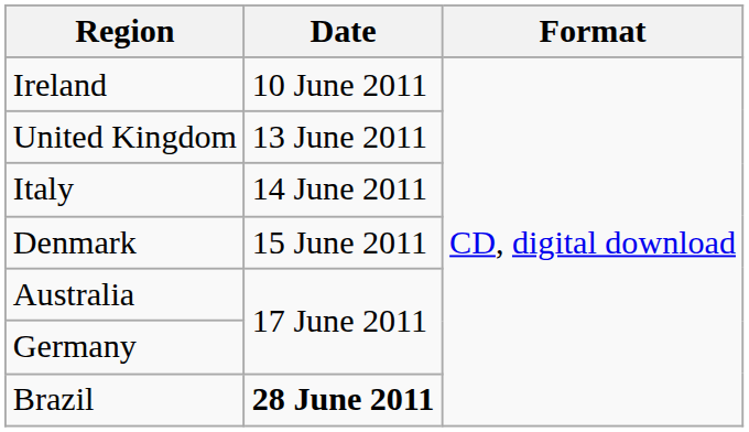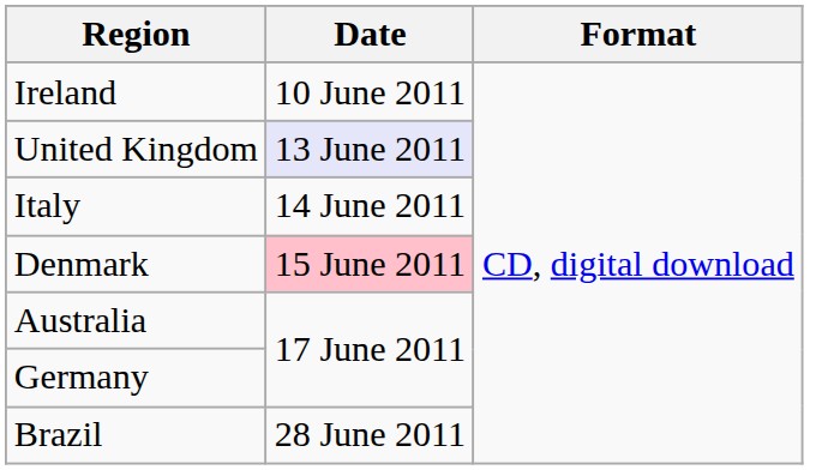 <table class="wikitable">
 <tr>
 <th scope="row">Region</th>
 <th scope="row">Date</th>
 <th scope="row">Format</th>
 </tr>
 <tr>
 <td>Ireland</td>
 <td>10 June 2011</td>
 <td rowspan="7"><a href='#'>CD</a>, <a href='#'>digital download</a></td>
 </tr>
 <tr>
 <td>United Kingdom</td>
-<td>13 June 2011</td>
+<td style="background: lavender;">13 June 2011</td>
 </tr>
 <tr>
 <td>Italy</td>
 <td>14 June 2011</td>
 </tr>
 <tr>
 <td>Denmark</td>
-<td>15 June 2011</td>
+<td style="background: pink;">15 June 2011</td>
 </tr>
 <tr>
 <td>Australia</td>
 <td rowspan="2">17 June 2011</td>
 </tr>
 <tr>
 <td>Germany</td>
 </tr>
 <tr>
 <td>Brazil</td>
-<td><strong>28 June 2011</strong></td>
+<td>28 June 2011</td>
 </tr>
 </table>
